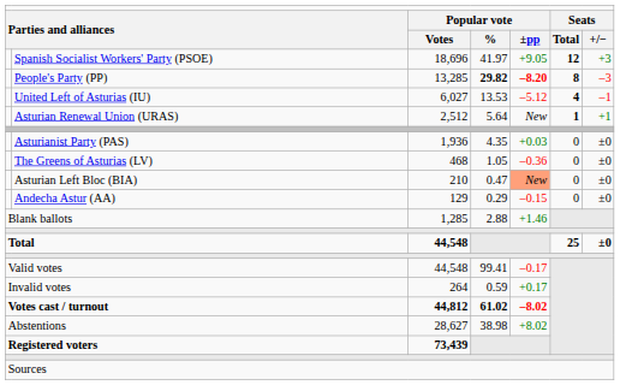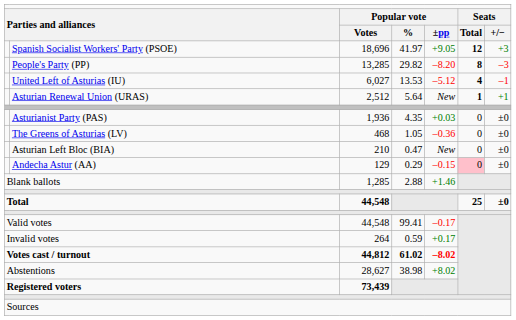 <table class="wikitable" style="text-align:right;">
 <tr>
 <td colspan="7"></td>
 </tr>
 <tr>
 <th style="text-align:left;" rowspan="2" colspan="2" width="525">Parties and alliances</th>
 <th colspan="3">Popular vote</th>
 <th colspan="2">Seats</th>
 </tr>
 <tr>
 <th width="75">Votes</th>
 <th width="45">%</th>
 <th width="45">±<a href='#'>pp</a></th>
 <th width="35">Total</th>
 <th width="35">+/−</th>
 </tr>
 <tr>
 <td width="1" style="color:inherit;background:"></td>
 <td align="left"><a href='#'>Spanish Socialist Workers' Party</a> (PSOE)</td>
 <td>18,696</td>
 <td>41.97</td>
 <td style="color:green;">+9.05</td>
 <td><strong>12</strong></td>
 <td style="color:green;">+3</td>
 </tr>
 <tr>
 <td style="color:inherit;background:"></td>
 <td align="left"><a href='#'>People's Party</a> (PP)</td>
 <td>13,285</td>
-<td><strong>29.82</strong></td>
-<td style="color:red;"><strong>–8.20</strong></td>
+<td>29.82</td>
+<td style="color:red;">–8.20</td>
 <td><strong>8</strong></td>
 <td style="color:red;">–3</td>
 </tr>
 <tr>
 <td style="color:inherit;background:"></td>
 <td align="left"><a href='#'>United Left of Asturias</a> (IU)</td>
 <td>6,027</td>
 <td>13.53</td>
 <td style="color:red;">–5.12</td>
 <td><strong>4</strong></td>
 <td style="color:red;">–1</td>
 </tr>
 <tr>
 <td style="color:inherit;background:"></td>
 <td align="left"><a href='#'>Asturian Renewal Union</a> (URAS)</td>
 <td>2,512</td>
 <td>5.64</td>
 <td><em>New</em></td>
 <td><strong>1</strong></td>
 <td style="color:green;">+1</td>
 </tr>
 <tr>
 <td colspan="7" bgcolor="#C0C0C0"></td>
 </tr>
 <tr>
 <td style="color:inherit;background:"></td>
 <td align="left"><a href='#'>Asturianist Party</a> (PAS)</td>
 <td>1,936</td>
 <td>4.35</td>
 <td style="color:green;">+0.03</td>
 <td>0</td>
 <td>±0</td>
 </tr>
 <tr>
 <td style="color:inherit;background:"></td>
 <td align="left"><a href='#'>The Greens of Asturias</a> (LV)</td>
 <td>468</td>
 <td>1.05</td>
 <td style="color:red;">–0.36</td>
 <td>0</td>
 <td>±0</td>
 </tr>
 <tr>
 <td style="color:inherit;background:"></td>
 <td align="left">Asturian Left Bloc (BIA)</td>
 <td>210</td>
 <td>0.47</td>
-<td style="background: lightsalmon;"><em>New</em></td>
+<td><em>New</em></td>
 <td>0</td>
 <td>±0</td>
 </tr>
 <tr>
 <td style="color:inherit;background:"></td>
 <td align="left"><a href='#'>Andecha Astur</a> (AA)</td>
 <td>129</td>
 <td>0.29</td>
 <td style="color:red;">–0.15</td>
-<td>0</td>
+<td style="background: pink;">0</td>
 <td>±0</td>
 </tr>
 <tr>
 <td align="left" colspan="2">Blank ballots</td>
 <td>1,285</td>
 <td>2.88</td>
 <td style="color:green;">+1.46</td>
 <td bgcolor="#E9E9E9" colspan="2"></td>
 </tr>
 <tr>
 <td colspan="7" bgcolor="#E9E9E9"></td>
 </tr>
 <tr style="font-weight:bold;">
 <td align="left" colspan="2">Total</td>
 <td>44,548</td>
 <td bgcolor="#E9E9E9" colspan="2"></td>
 <td>25</td>
 <td>±0</td>
 </tr>
 <tr>
 <td colspan="7" bgcolor="#E9E9E9"></td>
 </tr>
 <tr>
 <td align="left" colspan="2">Valid votes</td>
 <td>44,548</td>
 <td>99.41</td>
 <td style="color:red;">–0.17</td>
 <td bgcolor="#E9E9E9" colspan="2" rowspan="5"></td>
 </tr>
 <tr>
 <td align="left" colspan="2">Invalid votes</td>
 <td>264</td>
 <td>0.59</td>
 <td style="color:green;">+0.17</td>
 </tr>
 <tr style="font-weight:bold;">
 <td align="left" colspan="2">Votes cast / turnout</td>
 <td>44,812</td>
 <td>61.02</td>
 <td style="color:red;">–8.02</td>
 </tr>
 <tr>
 <td align="left" colspan="2">Abstentions</td>
 <td>28,627</td>
 <td>38.98</td>
 <td style="color:green;">+8.02</td>
 </tr>
 <tr style="font-weight:bold;">
 <td align="left" colspan="2">Registered voters</td>
 <td>73,439</td>
 <td bgcolor="#E9E9E9" colspan="2"></td>
 </tr>
 <tr>
 <td colspan="7" bgcolor="#E9E9E9"></td>
 </tr>
 <tr>
 <td align="left" colspan="7">Sources</td>
 </tr>
 </table>
